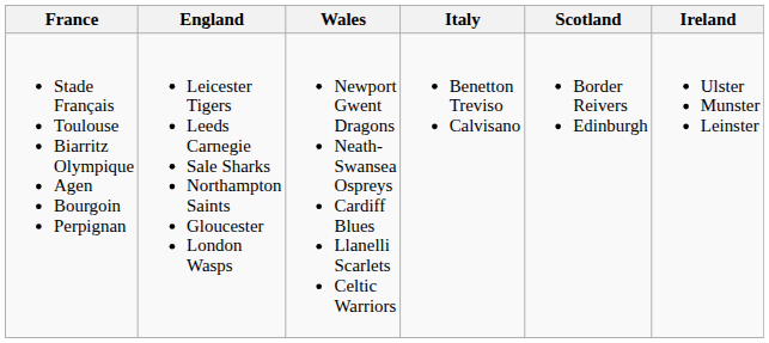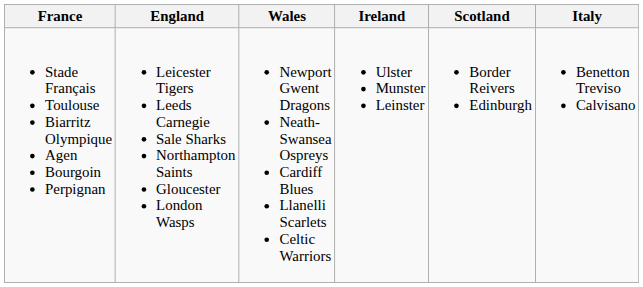 <table class="wikitable" width=100%>
 <tr>
 <th>France</th>
 <th>England</th>
 <th>Wales</th>
+<th>Ireland</th>
+<th>Scotland</th>
 <th>Italy</th>
-<th>Scotland</th>
-<th>Ireland</th>
 </tr>
 <tr valign=top>
 <td><br><ul><li> Stade Français</li><li> Toulouse</li><li> Biarritz Olympique</li><li> Agen</li><li> Bourgoin</li><li> Perpignan</li></ul></td>
 <td><br><ul><li> Leicester Tigers</li><li> Leeds Carnegie</li><li> Sale Sharks</li><li> Northampton Saints</li><li> Gloucester</li><li> London Wasps</li></ul></td>
 <td><br><ul><li> Newport Gwent Dragons</li><li> Neath-Swansea Ospreys</li><li> Cardiff Blues</li><li> Llanelli Scarlets</li><li> Celtic Warriors</li></ul></td>
+<td><br><ul><li> Ulster</li><li> Munster</li><li> Leinster</li></ul></td>
+<td><br><ul><li> Border Reivers</li><li> Edinburgh</li></ul></td>
 <td><br><ul><li> Benetton Treviso</li><li> Calvisano</li></ul></td>
-<td><br><ul><li> Border Reivers</li><li> Edinburgh</li></ul></td>
-<td><br><ul><li> Ulster</li><li> Munster</li><li> Leinster</li></ul></td>
 </tr>
 </table>
